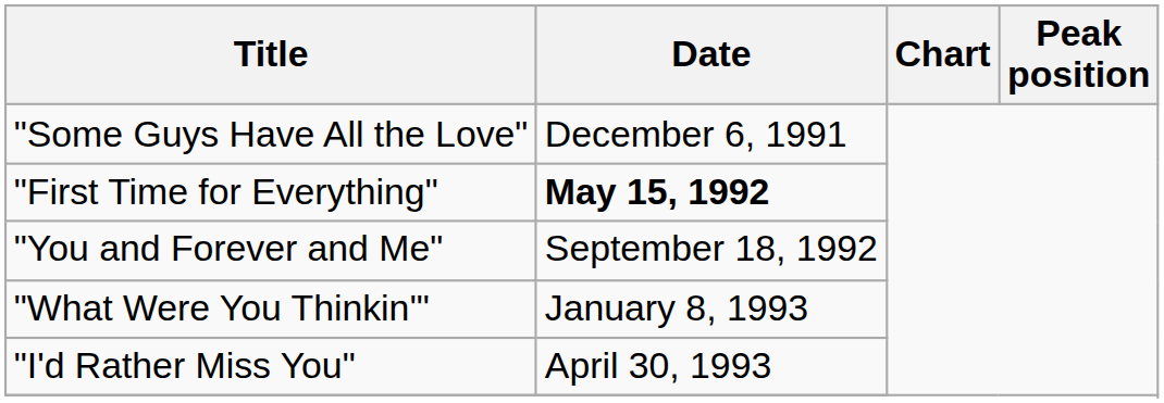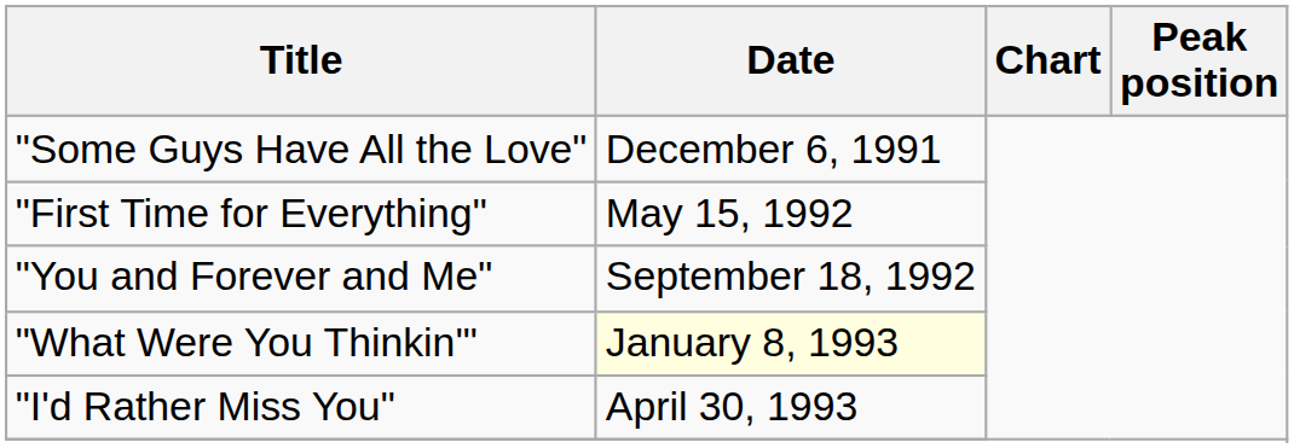 <table class="wikitable sortable">
 <tr>
 <th>Title</th>
 <th>Date</th>
 <th>Chart</th>
 <th>Peak<br>position</th>
 </tr>
 <tr>
 <td>"Some Guys Have All the Love"</td>
 <td>December 6, 1991<br></td>
 </tr>
 <tr>
 <td>"First Time for Everything"</td>
-<td><strong>May 15, 1992<br></strong></td>
+<td>May 15, 1992<br></td>
 </tr>
 <tr>
 <td>"You and Forever and Me"</td>
 <td>September 18, 1992<br></td>
 </tr>
 <tr>
 <td>"What Were You Thinkin'"</td>
-<td>January 8, 1993<br></td>
+<td style="background: lightyellow;">January 8, 1993<br></td>
 </tr>
 <tr>
 <td>"I'd Rather Miss You"</td>
 <td>April 30, 1993<br></td>
 </tr>
 <tr>
 </tr>
 </table>
